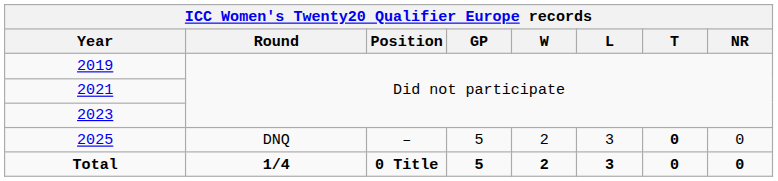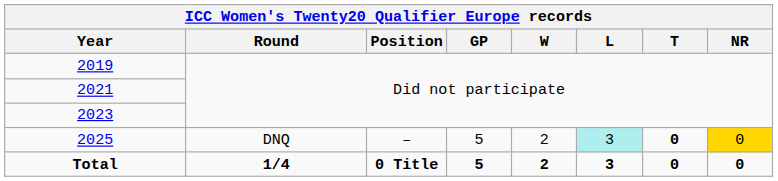 <table class="wikitable" style="text-align: center; width=900px;">
 <tr>
 <th colspan=9><a href='#'>ICC Women's Twenty20 Qualifier Europe</a> records</th>
 </tr>
 <tr>
 <th width=150>Year</th>
 <th width=150>Round</th>
 <th width=50>Position</th>
 <th width=50>GP</th>
 <th width=50>W</th>
 <th width=50>L</th>
 <th width=50>T</th>
 <th width=50>NR</th>
 </tr>
 <tr>
 <td> <a href='#'>2019</a></td>
 <td colspan=8 rowspan=3>Did not participate</td>
 </tr>
 <tr>
 <td> <a href='#'>2021</a></td>
 </tr>
 <tr>
 <td> <a href='#'>2023</a></td>
 </tr>
 <tr>
 <td> <a href='#'>2025</a></td>
 <td>DNQ</td>
 <td>–</td>
 <td>5</td>
 <td>2</td>
-<td>3</td>
+<td style="background: paleturquoise;">3</td>
 <td><strong>0</strong></td>
-<td>0</td>
+<td style="background: gold;">0</td>
 </tr>
 <tr>
 <td><strong>Total</strong></td>
 <td><strong>1/4</strong></td>
 <td><strong>0 Title </strong></td>
 <td><strong>5</strong></td>
 <td><strong>2</strong></td>
 <td><strong>3</strong></td>
 <td><strong>0</strong></td>
 <td><strong>0</strong></td>
 </tr>
 </table>
